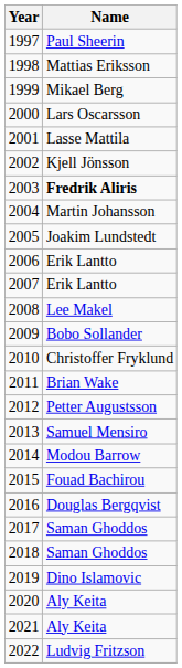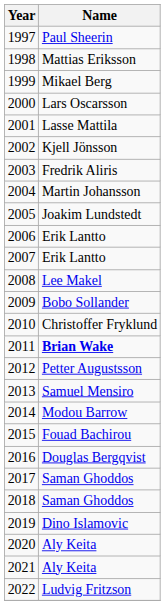 <table class="wikitable sortable mw-collapsible" cellpadding="3" style="text-align: center;">
 <tr>
 <th>Year</th>
 <th>Name</th>
 </tr>
 <tr>
 <td>1997</td>
 <td align="left"> <a href='#'>Paul Sheerin</a></td>
 </tr>
 <tr>
 <td>1998</td>
 <td align="left"> Mattias Eriksson</td>
 </tr>
 <tr>
 <td>1999</td>
 <td align="left"> Mikael Berg</td>
 </tr>
 <tr>
 <td>2000</td>
 <td align="left"> Lars Oscarsson</td>
 </tr>
 <tr>
 <td>2001</td>
 <td align="left">  Lasse Mattila</td>
 </tr>
 <tr>
 <td>2002</td>
 <td align="left"> Kjell Jönsson</td>
 </tr>
 <tr>
 <td>2003</td>
-<td align="left"><strong> Fredrik Aliris</strong></td>
+<td align="left"> Fredrik Aliris</td>
 </tr>
 <tr>
 <td>2004</td>
 <td align="left"> Martin Johansson</td>
 </tr>
 <tr>
 <td>2005</td>
 <td align="left"> Joakim Lundstedt</td>
 </tr>
 <tr>
 <td>2006</td>
 <td align="left"> Erik Lantto</td>
 </tr>
 <tr>
 <td>2007</td>
 <td align="left"> Erik Lantto</td>
 </tr>
 <tr>
 <td>2008</td>
 <td align="left"> <a href='#'>Lee Makel</a></td>
 </tr>
 <tr>
 <td>2009</td>
 <td align="left"> <a href='#'>Bobo Sollander</a></td>
 </tr>
 <tr>
 <td>2010</td>
 <td align="left"> Christoffer Fryklund</td>
 </tr>
 <tr>
 <td>2011</td>
-<td align="left">  <a href='#'>Brian Wake</a></td>
+<td align="left"><strong>  <a href='#'>Brian Wake</a></strong></td>
 </tr>
 <tr>
 <td>2012</td>
 <td align="left"> <a href='#'>Petter Augustsson</a></td>
 </tr>
 <tr>
 <td>2013</td>
 <td align="left">  <a href='#'>Samuel Mensiro</a></td>
 </tr>
 <tr>
 <td>2014</td>
 <td align="left">  <a href='#'>Modou Barrow</a></td>
 </tr>
 <tr>
 <td>2015</td>
 <td align="left">  <a href='#'>Fouad Bachirou</a></td>
 </tr>
 <tr>
 <td>2016</td>
 <td align="left">  <a href='#'>Douglas Bergqvist</a></td>
 </tr>
 <tr>
 <td>2017</td>
 <td align="left">  <a href='#'>Saman Ghoddos</a></td>
 </tr>
 <tr>
 <td>2018</td>
 <td align="left">  <a href='#'>Saman Ghoddos</a></td>
 </tr>
 <tr>
 <td>2019</td>
 <td align="left">  <a href='#'>Dino Islamovic</a></td>
 </tr>
 <tr>
 <td>2020</td>
 <td align="left">  <a href='#'>Aly Keita</a></td>
 </tr>
 <tr>
 <td>2021</td>
 <td align="left">  <a href='#'>Aly Keita</a></td>
 </tr>
 <tr>
 <td>2022</td>
 <td align="left"> <a href='#'>Ludvig Fritzson</a></td>
 </tr>
 <tr>
 </tr>
 </table>
